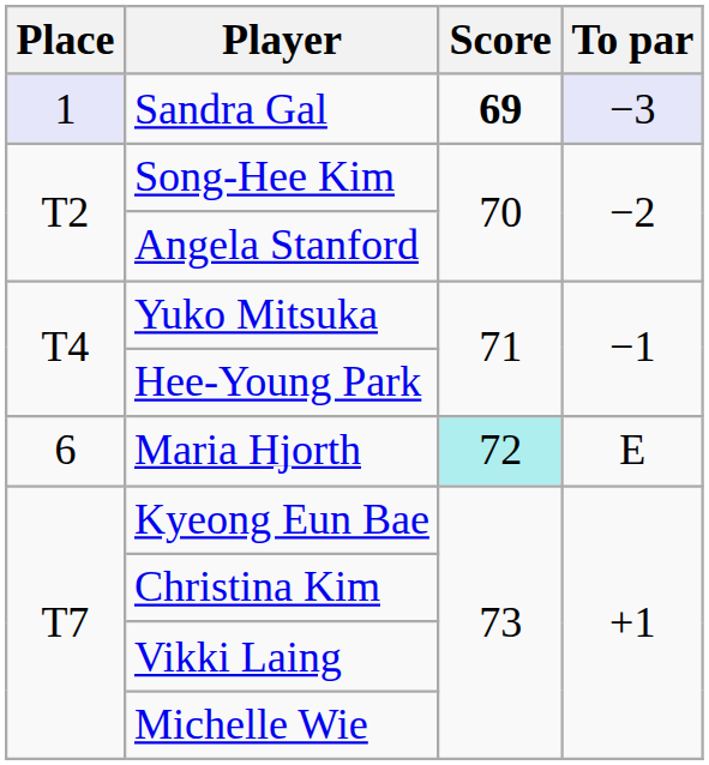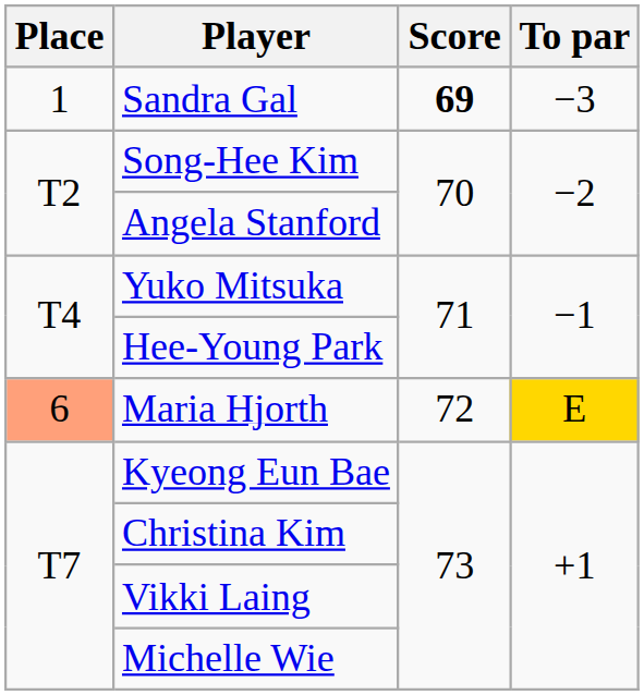 <table class="wikitable">
 <tr>
 <th>Place</th>
 <th>Player</th>
 <th>Score</th>
 <th>To par</th>
 </tr>
 <tr>
-<td align=center style="background: lavender;">1</td>
+<td align=center>1</td>
 <td> <a href='#'>Sandra Gal</a></td>
 <td align=center><strong>69</strong></td>
-<td align=center style="background: lavender;">−3</td>
+<td align=center>−3</td>
 </tr>
 <tr>
 <td rowspan="2" align=center>T2</td>
 <td> <a href='#'>Song-Hee Kim</a></td>
 <td rowspan="2" align=center>70</td>
 <td rowspan="2" align=center>−2</td>
 </tr>
 <tr>
 <td> <a href='#'>Angela Stanford</a></td>
 </tr>
 <tr>
 <td rowspan="2" align=center>T4</td>
 <td> <a href='#'>Yuko Mitsuka</a></td>
 <td rowspan="2" align=center>71</td>
 <td rowspan="2" align=center>−1</td>
 </tr>
 <tr>
 <td> <a href='#'>Hee-Young Park</a></td>
 </tr>
 <tr>
-<td align=center>6</td>
+<td align=center style="background: lightsalmon;">6</td>
 <td> <a href='#'>Maria Hjorth</a></td>
-<td align=center style="background: paleturquoise;">72</td>
-<td align=center>E</td>
+<td align=center>72</td>
+<td align=center style="background: gold;">E</td>
 </tr>
 <tr>
 <td rowspan="4" align=center>T7</td>
 <td> <a href='#'>Kyeong Eun Bae</a></td>
 <td rowspan="4" align=center>73</td>
 <td rowspan="4" align=center>+1</td>
 </tr>
 <tr>
 <td> <a href='#'>Christina Kim</a></td>
 </tr>
 <tr>
 <td> <a href='#'>Vikki Laing</a></td>
 </tr>
 <tr>
 <td> <a href='#'>Michelle Wie</a></td>
 </tr>
 </table>
